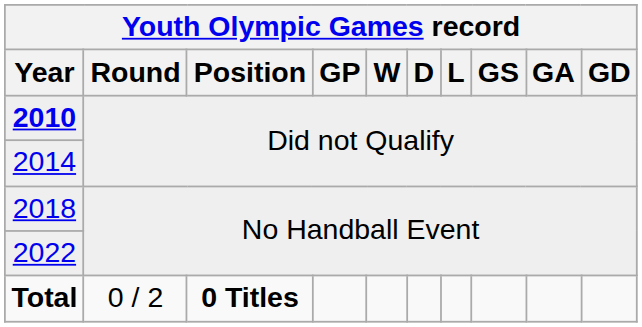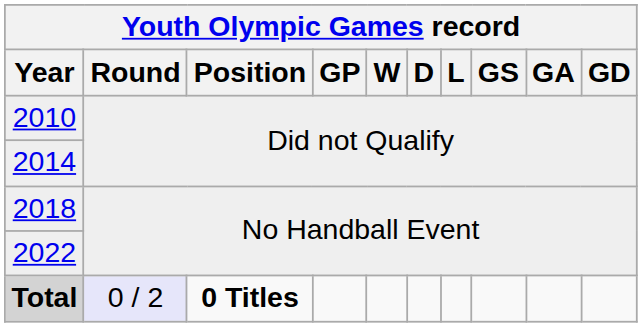 <table class="wikitable" style="text-align: center;">
 <tr>
 <th colspan=10><a href='#'>Youth Olympic Games</a> record</th>
 </tr>
 <tr>
 <th>Year</th>
 <th>Round</th>
 <th>Position</th>
 <th>GP</th>
 <th>W</th>
 <th>D</th>
 <th>L</th>
 <th>GS</th>
 <th>GA</th>
 <th>GD</th>
 </tr>
 <tr bgcolor="efefef">
-<td><strong> <a href='#'>2010</a></strong></td>
+<td> <a href='#'>2010</a></td>
 <td Colspan=10 rowspan=2>Did not Qualify</td>
 </tr>
 <tr bgcolor="efefef">
 <td> <a href='#'>2014</a></td>
 </tr>
 <tr bgcolor="efefef">
 <td> <a href='#'>2018</a></td>
 <td colspan=10 rowspan=2>No Handball Event</td>
 </tr>
 <tr bgcolor="efefef">
 <td> <a href='#'>2022</a></td>
 </tr>
 <tr>
-<td><strong>Total</strong></td>
-<td>0 / 2</td>
+<td style="background: lightgrey;"><strong>Total</strong></td>
+<td style="background: lavender;">0 / 2</td>
 <td><strong>0 Titles</strong></td>
 <td></td>
 <td></td>
 <td></td>
 <td></td>
 <td></td>
 <td></td>
 <td></td>
 </tr>
 </table>
